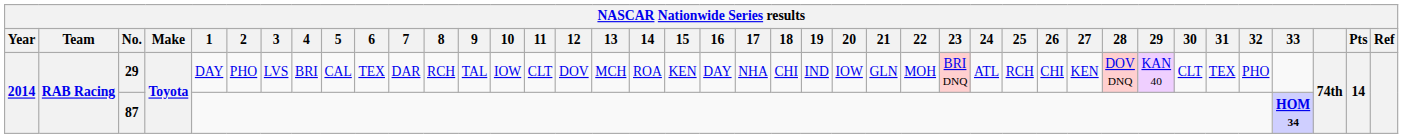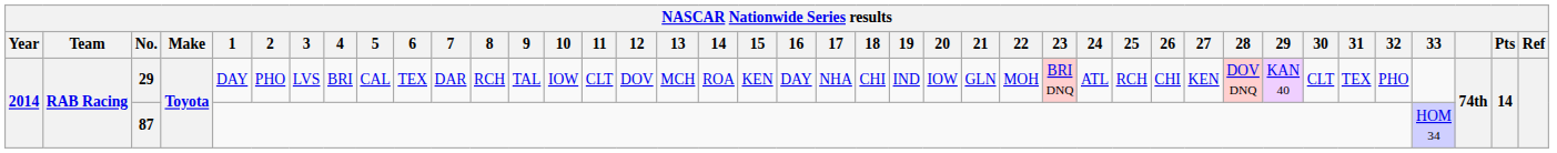 <table class="wikitable" style="text-align:center; font-size:75%">
 <tr>
 <th colspan=42><a href='#'>NASCAR</a> <a href='#'>Nationwide Series</a> results</th>
 </tr>
 <tr>
 <th>Year</th>
 <th>Team</th>
 <th>No.</th>
 <th>Make</th>
 <th>1</th>
 <th>2</th>
 <th>3</th>
 <th>4</th>
 <th>5</th>
 <th>6</th>
 <th>7</th>
 <th>8</th>
 <th>9</th>
 <th>10</th>
 <th>11</th>
 <th>12</th>
 <th>13</th>
 <th>14</th>
 <th>15</th>
 <th>16</th>
 <th>17</th>
 <th>18</th>
 <th>19</th>
 <th>20</th>
 <th>21</th>
 <th>22</th>
 <th>23</th>
 <th>24</th>
 <th>25</th>
 <th>26</th>
 <th>27</th>
 <th>28</th>
 <th>29</th>
 <th>30</th>
 <th>31</th>
 <th>32</th>
 <th>33</th>
 <th></th>
 <th>Pts</th>
 <th>Ref</th>
 </tr>
 <tr>
 <th rowspan=2><a href='#'>2014</a></th>
 <th rowspan=2><a href='#'>RAB Racing</a></th>
 <th>29</th>
 <th rowspan=2><a href='#'>Toyota</a></th>
 <td><a href='#'>DAY</a></td>
 <td><a href='#'>PHO</a></td>
 <td><a href='#'>LVS</a></td>
 <td><a href='#'>BRI</a></td>
 <td><a href='#'>CAL</a></td>
 <td><a href='#'>TEX</a></td>
 <td><a href='#'>DAR</a></td>
 <td><a href='#'>RCH</a></td>
 <td><a href='#'>TAL</a></td>
 <td><a href='#'>IOW</a></td>
 <td><a href='#'>CLT</a></td>
 <td><a href='#'>DOV</a></td>
 <td><a href='#'>MCH</a></td>
 <td><a href='#'>ROA</a></td>
 <td><a href='#'>KEN</a></td>
 <td><a href='#'>DAY</a></td>
 <td><a href='#'>NHA</a></td>
 <td><a href='#'>CHI</a></td>
 <td><a href='#'>IND</a></td>
 <td><a href='#'>IOW</a></td>
 <td><a href='#'>GLN</a></td>
 <td><a href='#'>MOH</a></td>
 <td style="background:#FFCFCF;"><a href='#'>BRI</a><br><small>DNQ</small></td>
 <td><a href='#'>ATL</a></td>
 <td><a href='#'>RCH</a></td>
 <td><a href='#'>CHI</a></td>
 <td><a href='#'>KEN</a></td>
 <td style="background:#FFCFCF;"><a href='#'>DOV</a><br><small>DNQ</small></td>
 <td style="background:#EFCFFF;"><a href='#'>KAN</a><br><small>40</small></td>
 <td><a href='#'>CLT</a></td>
 <td><a href='#'>TEX</a></td>
 <td><a href='#'>PHO</a></td>
 <td></td>
 <th rowspan=2>74th</th>
 <th rowspan=2>14</th>
 <th rowspan=2></th>
 </tr>
 <tr>
 <th>87</th>
 <td colspan=32></td>
-<td style="background:#CFCFFF;"><strong><a href='#'>HOM</a><br><small>34</small></strong></td>
+<td style="background:#CFCFFF;"><a href='#'>HOM</a><br><small>34</small></td>
 </tr>
 </table>
